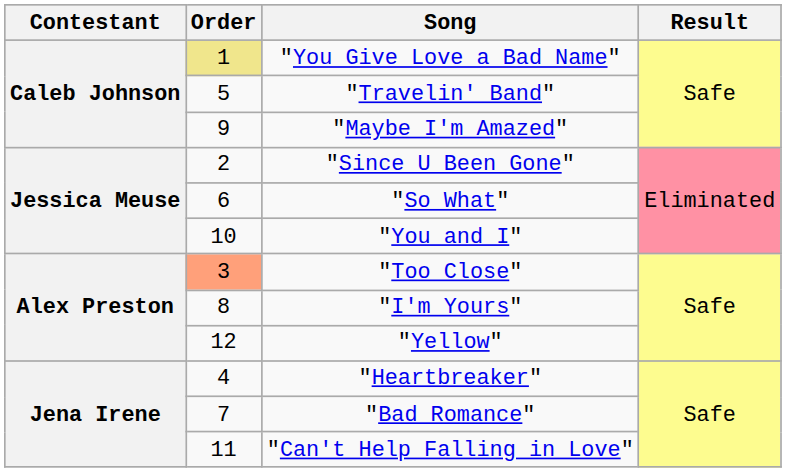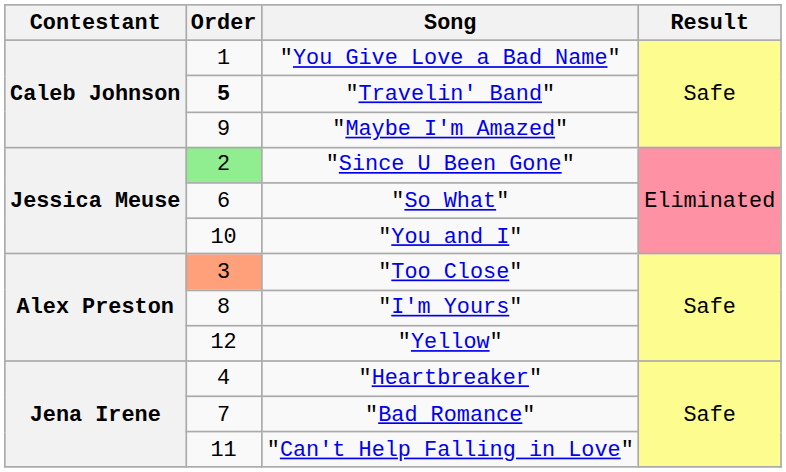 <table class="wikitable unsortable" style="text-align:center;">
 <tr>
 <th scope="col">Contestant</th>
 <th scope="col">Order</th>
 <th scope="col">Song</th>
 <th scope="col">Result</th>
 </tr>
 <tr>
 <th scope="row" rowspan="3">Caleb Johnson</th>
-<td style="background: khaki;">1</td>
+<td>1</td>
 <td>"<a href='#'>You Give Love a Bad Name</a>"</td>
 <td rowspan="3" style="background:#fdfc8f;">Safe</td>
 </tr>
 <tr>
-<td>5</td>
+<td><strong>5</strong></td>
 <td>"<a href='#'>Travelin' Band</a>"</td>
 </tr>
 <tr>
 <td>9</td>
 <td>"<a href='#'>Maybe I'm Amazed</a>"</td>
 </tr>
 <tr>
 <th scope="row" rowspan="3">Jessica Meuse</th>
-<td>2</td>
+<td style="background: lightgreen;">2</td>
 <td>"<a href='#'>Since U Been Gone</a>"</td>
 <td rowspan="3" bgcolor="FF91A4">Eliminated</td>
 </tr>
 <tr>
 <td>6</td>
 <td>"<a href='#'>So What</a>"</td>
 </tr>
 <tr>
 <td>10</td>
 <td>"<a href='#'>You and I</a>"</td>
 </tr>
 <tr>
 <th scope="row" rowspan="3">Alex Preston</th>
 <td style="background: lightsalmon;">3</td>
 <td>"<a href='#'>Too Close</a>"</td>
 <td rowspan="3" style="background:#fdfc8f;">Safe</td>
 </tr>
 <tr>
 <td>8</td>
 <td>"<a href='#'>I'm Yours</a>"</td>
 </tr>
 <tr>
 <td>12</td>
 <td>"<a href='#'>Yellow</a>"</td>
 </tr>
 <tr>
 <th scope="row" rowspan="3">Jena Irene</th>
 <td>4</td>
 <td>"<a href='#'>Heartbreaker</a>"</td>
 <td rowspan="3" style="background:#fdfc8f;">Safe</td>
 </tr>
 <tr>
 <td>7</td>
 <td>"<a href='#'>Bad Romance</a>"</td>
 </tr>
 <tr>
 <td>11</td>
 <td>"<a href='#'>Can't Help Falling in Love</a>"</td>
 </tr>
 </table>
